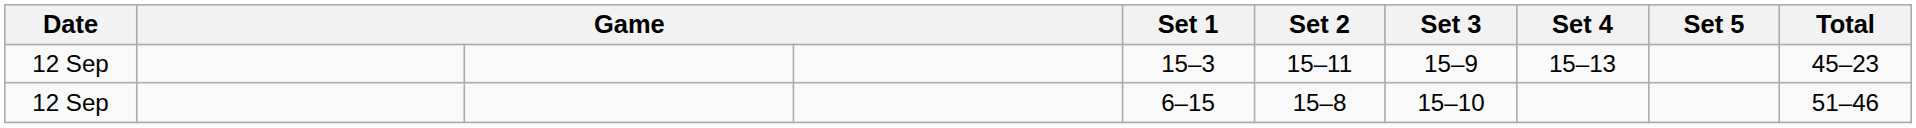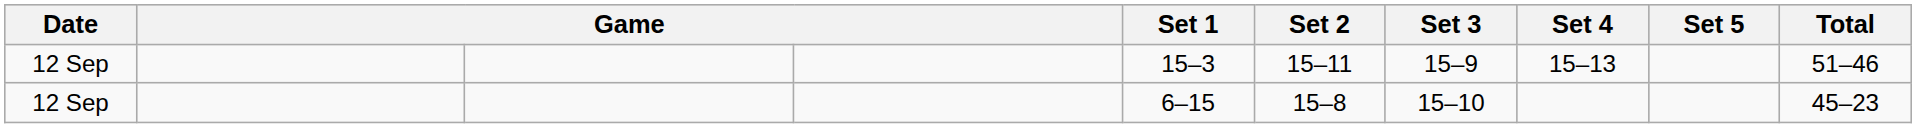 <table width=1200 class="wikitable">
 <tr>
 <th width=6%>Date</th>
 <th width=45% colspan=3>Game</th>
 <th width=6%>Set 1</th>
 <th width=6%>Set 2</th>
 <th width=6%>Set 3</th>
 <th width=6%>Set 4</th>
 <th width=6%>Set 5</th>
 <th width=6%>Total</th>
 </tr>
 <tr style=font-size:95%>
 <td align=center>12 Sep</td>
 <td align=center><strong></strong></td>
 <td></td>
 <td></td>
 <td align=center>15–3</td>
 <td align=center>15–11</td>
 <td align=center>15–9</td>
 <td align=center>15–13</td>
 <td align=center></td>
-<td align=center>45–23</td>
+<td align=center>51–46</td>
 </tr>
 <tr style=font-size:95%>
 <td align=center>12 Sep</td>
 <td align=center><strong></strong></td>
 <td></td>
 <td></td>
 <td align=center>6–15</td>
 <td align=center>15–8</td>
 <td align=center>15–10</td>
 <td align=center></td>
 <td align=center></td>
-<td align=center>51–46</td>
+<td align=center>45–23</td>
 </tr>
 </table>
